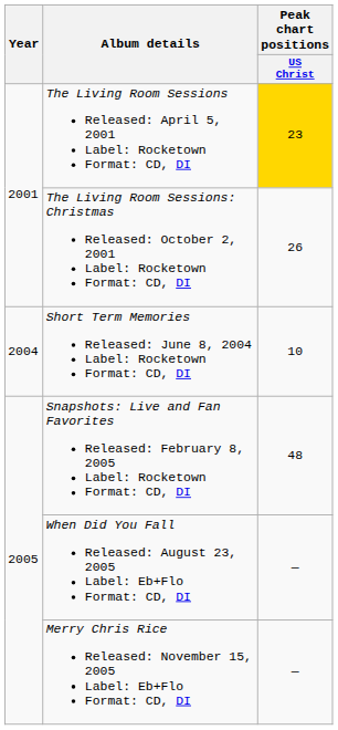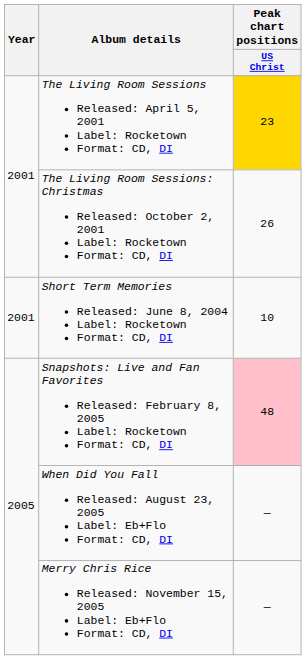 <table class="wikitable">
 <tr>
 <th rowspan="2" width="33">Year</th>
 <th rowspan="2" width="215">Album details</th>
 <th colspan="1">Peak chart positions</th>
 </tr>
 <tr>
 <th scope="col" style="width:3em;font-size:85%;"><a href='#'>US<br> Christ</a><br></th>
 </tr>
 <tr>
 <td rowspan="2">2001</td>
 <td><em>The Living Room Sessions</em><br><ul><li>Released: April 5, 2001</li><li>Label: Rocketown</li><li>Format: CD, <a href='#'>DI</a></li></ul></td>
 <td align="center" style="background: gold;">23</td>
 </tr>
 <tr>
 <td><em>The Living Room Sessions: Christmas</em><br><ul><li>Released: October 2, 2001</li><li>Label: Rocketown</li><li>Format: CD, <a href='#'>DI</a></li></ul></td>
 <td align="center">26</td>
 </tr>
 <tr>
-<td>2004</td>
+<td>2001</td>
 <td><em>Short Term Memories</em><br><ul><li>Released: June 8, 2004</li><li>Label: Rocketown</li><li>Format: CD, <a href='#'>DI</a></li></ul></td>
 <td align="center">10</td>
 </tr>
 <tr>
 <td rowspan="3">2005</td>
 <td><em>Snapshots: Live and Fan Favorites</em><br><ul><li>Released: February 8, 2005</li><li>Label: Rocketown</li><li>Format: CD, <a href='#'>DI</a></li></ul></td>
-<td align="center">48</td>
+<td align="center" style="background: pink;">48</td>
 </tr>
 <tr>
 <td><em>When Did You Fall</em><br><ul><li>Released: August 23, 2005</li><li>Label: Eb+Flo</li><li>Format: CD, <a href='#'>DI</a></li></ul></td>
 <td align="center">—</td>
 </tr>
 <tr>
 <td><em>Merry Chris Rice</em><br><ul><li>Released: November 15, 2005</li><li>Label: Eb+Flo</li><li>Format: CD, <a href='#'>DI</a></li></ul></td>
 <td align="center">—</td>
 </tr>
 </table>
